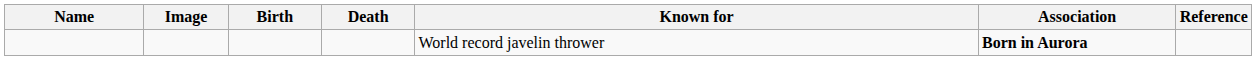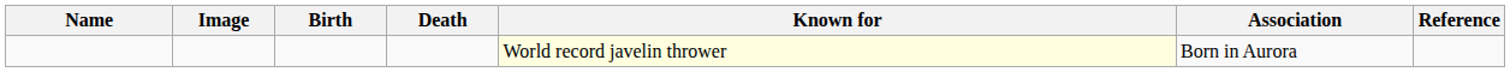 <table class="wikitable sortable">
 <tr>
 <th scope="col" width="140">Name</th>
 <th scope="col" width="80" class="unsortable">Image</th>
 <th scope="col" width="90">Birth</th>
 <th scope="col" width="90">Death</th>
 <th scope="col" width="600" class="unsortable">Known for</th>
 <th scope="col" width="200" class="unsortable">Association</th>
 <th scope="col" width="30" class="unsortable">Reference</th>
 </tr>
 <tr>
 <td></td>
 <td></td>
 <td align=right></td>
 <td align=right></td>
-<td>World record javelin thrower</td>
-<td><strong>Born in Aurora</strong></td>
+<td style="background: lightyellow;">World record javelin thrower</td>
+<td>Born in Aurora</td>
 <td align="center"></td>
 </tr>
 <tr>
 </tr>
 </table>
